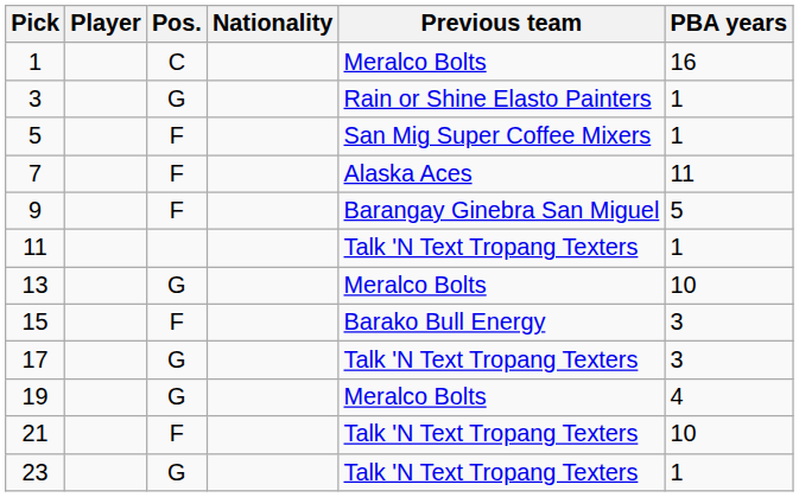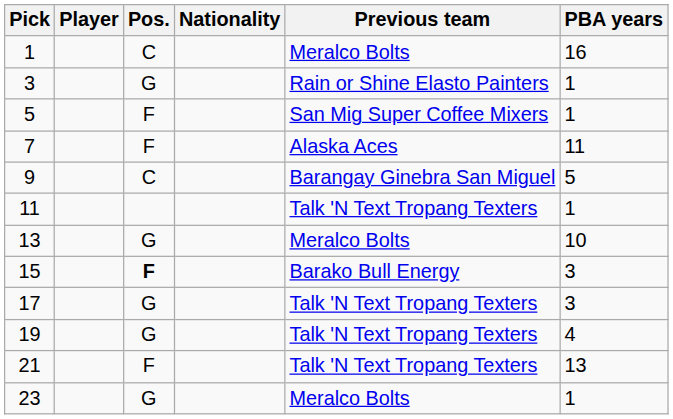 <table class="wikitable sortable">
 <tr>
 <th>Pick</th>
 <th>Player</th>
 <th>Pos.</th>
 <th>Nationality</th>
 <th>Previous team</th>
 <th>PBA years</th>
 </tr>
 <tr>
 <td align=center>1</td>
 <td></td>
 <td align=center>C</td>
 <td></td>
 <td><a href='#'>Meralco Bolts</a></td>
 <td>16</td>
 </tr>
 <tr>
 <td align=center>3</td>
 <td></td>
 <td align=center>G</td>
 <td></td>
 <td><a href='#'>Rain or Shine Elasto Painters</a></td>
 <td>1</td>
 </tr>
 <tr>
 <td align=center>5</td>
 <td></td>
 <td align=center>F</td>
 <td></td>
 <td><a href='#'>San Mig Super Coffee Mixers</a></td>
 <td>1</td>
 </tr>
 <tr>
 <td align=center>7</td>
 <td></td>
 <td align=center>F</td>
 <td></td>
 <td><a href='#'>Alaska Aces</a></td>
 <td>11</td>
 </tr>
 <tr>
 <td align=center>9</td>
 <td></td>
-<td align=center>F</td>
+<td align=center>C</td>
 <td></td>
 <td><a href='#'>Barangay Ginebra San Miguel</a></td>
 <td>5</td>
 </tr>
 <tr>
 <td align=center>11</td>
 <td></td>
 <td align=center></td>
 <td></td>
 <td><a href='#'>Talk 'N Text Tropang Texters</a></td>
 <td>1</td>
 </tr>
 <tr>
 <td align=center>13</td>
 <td></td>
 <td align=center>G</td>
 <td></td>
 <td><a href='#'>Meralco Bolts</a></td>
 <td>10</td>
 </tr>
 <tr>
 <td align=center>15</td>
 <td></td>
-<td align=center>F</td>
+<td align=center><strong>F</strong></td>
 <td></td>
 <td><a href='#'>Barako Bull Energy</a></td>
 <td>3</td>
 </tr>
 <tr>
 <td align=center>17</td>
 <td></td>
 <td align=center>G</td>
 <td></td>
 <td><a href='#'>Talk 'N Text Tropang Texters</a></td>
 <td>3</td>
 </tr>
 <tr>
 <td align=center>19</td>
 <td></td>
 <td align=center>G</td>
 <td></td>
-<td><a href='#'>Meralco Bolts</a></td>
+<td><a href='#'>Talk 'N Text Tropang Texters</a></td>
 <td>4</td>
 </tr>
 <tr>
 <td align=center>21</td>
 <td></td>
 <td align=center>F</td>
 <td></td>
 <td><a href='#'>Talk 'N Text Tropang Texters</a></td>
-<td>10</td>
+<td>13</td>
 </tr>
 <tr>
 <td align=center>23</td>
 <td></td>
 <td align=center>G</td>
 <td></td>
-<td><a href='#'>Talk 'N Text Tropang Texters</a></td>
+<td><a href='#'>Meralco Bolts</a></td>
 <td>1</td>
 </tr>
 </table>
